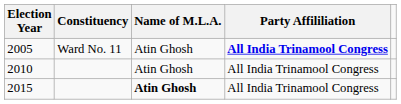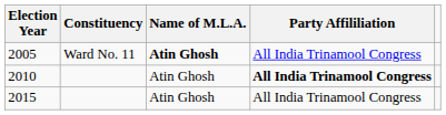 <table class="wikitable"ìÍĦĤĠčw>
 <tr>
 <th>Election<br> Year</th>
 <th>Constituency</th>
 <th>Name of M.L.A.</th>
 <th>Party Affililiation</th>
 </tr>
 <tr>
 <td>2005</td>
 <td>Ward No. 11</td>
-<td>Atin Ghosh</td>
-<td><strong><a href='#'>All India Trinamool Congress</a></strong></td>
+<td><strong>Atin Ghosh</strong></td>
+<td><a href='#'>All India Trinamool Congress</a></td>
 <td></td>
 </tr>
 <tr>
 <td>2010</td>
 <td></td>
 <td>Atin Ghosh</td>
-<td>All India Trinamool Congress</td>
+<td><strong>All India Trinamool Congress</strong></td>
 <td></td>
 </tr>
 <tr>
 <td>2015</td>
 <td></td>
-<td><strong>Atin Ghosh</strong></td>
+<td>Atin Ghosh</td>
 <td>All India Trinamool Congress</td>
 <td></td>
 </tr>
 </table>
